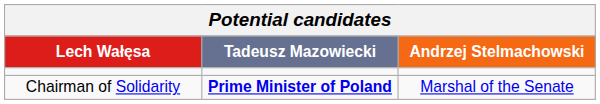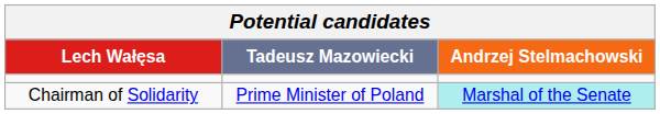 <table class="wikitable" style="font-size:90%;">
 <tr>
 <th colspan="11" style="text-align:center; width:150px; font-size:120%; color:black;"><em>Potential candidates</em></th>
 </tr>
 <tr style="text-align:center">
 <th scope="col" style="width:10em; font-size:120%; background:#DD1D1A; color:white;"><small>Lech Wałęsa</small></th>
 <th scope="col" style="width:10em; font-size:120%; background:#667191; color:white;"><small>Tadeusz Mazowiecki</small></th>
 <th scope="col" style="width:10em; font-size:120%; background:#F56914; color:white;"><small>Andrzej Stelmachowski</small></th>
 </tr>
 <tr style="text-align:center">
 <td style="text-align:center"></td>
 <td style="text-align:center"></td>
 <td style="text-align:center"></td>
 </tr>
 <tr style="text-align:center">
 <td>Chairman of <a href='#'>Solidarity</a><br></td>
-<td><strong><a href='#'>Prime Minister of Poland</a><br></strong></td>
-<td><a href='#'>Marshal of the Senate</a><br></td>
+<td><a href='#'>Prime Minister of Poland</a><br></td>
+<td style="background: paleturquoise;"><a href='#'>Marshal of the Senate</a><br></td>
 </tr>
 </table>
